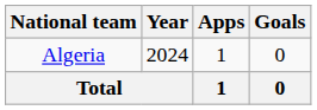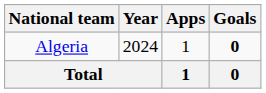 <table class="wikitable" style="text-align:center">
 <tr>
 <th>National team</th>
 <th>Year</th>
 <th>Apps</th>
 <th>Goals</th>
 </tr>
 <tr>
 <td rowspan="1"><a href='#'>Algeria</a></td>
 <td>2024</td>
 <td>1</td>
-<td>0</td>
+<td><strong>0</strong></td>
 </tr>
 <tr>
 <th colspan="2">Total</th>
 <th>1</th>
 <th>0</th>
 </tr>
 </table>
